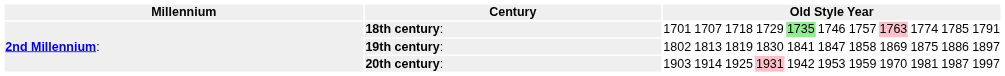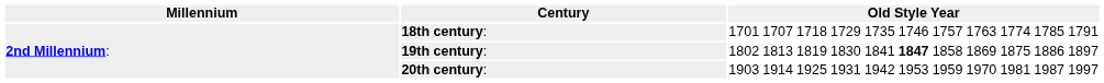 <table>
 <tr style="background-color:#efefef;">
 <th>Millennium</th>
 <th>Century</th>
 <th align="center" colspan="11">Old Style Year</th>
 </tr>
 <tr>
 <td style="background-color:#efefef;" rowspan="3"><strong><a href='#'>2nd Millennium</a></strong>:</td>
 <td style="background-color:#efefef;"><strong>18th century</strong>:</td>
 <td width="3%">1701</td>
 <td width="3%">1707</td>
 <td width="3%">1718</td>
 <td width="3%">1729</td>
-<td width="3%" style="background: lightgreen;">1735</td>
+<td width="3%">1735</td>
 <td width="3%">1746</td>
 <td width="3%">1757</td>
-<td width="3%" style="background: pink;">1763</td>
+<td width="3%">1763</td>
 <td width="3%">1774</td>
 <td width="3%">1785</td>
 <td width="3%">1791</td>
 </tr>
 <tr>
 <td style="background-color:#efefef;"><strong>19th century</strong>:</td>
 <td width="3%">1802</td>
 <td width="3%">1813</td>
 <td width="3%">1819</td>
 <td width="3%">1830</td>
 <td width="3%">1841</td>
-<td width="3%">1847</td>
+<td width="3%"><strong>1847</strong></td>
 <td width="3%">1858</td>
 <td width="3%">1869</td>
 <td width="3%">1875</td>
 <td width="3%">1886</td>
 <td width="3%">1897</td>
 </tr>
 <tr>
 <td style="background-color:#efefef;"><strong>20th century</strong>:</td>
 <td width="3%">1903</td>
 <td width="3%">1914</td>
 <td width="3%">1925</td>
-<td width="3%" style="background: pink;">1931</td>
+<td width="3%">1931</td>
 <td width="3%">1942</td>
 <td width="3%">1953</td>
 <td width="3%">1959</td>
 <td width="3%">1970</td>
 <td width="3%">1981</td>
 <td width="3%">1987</td>
 <td width="3%">1997</td>
 </tr>
 </table>
